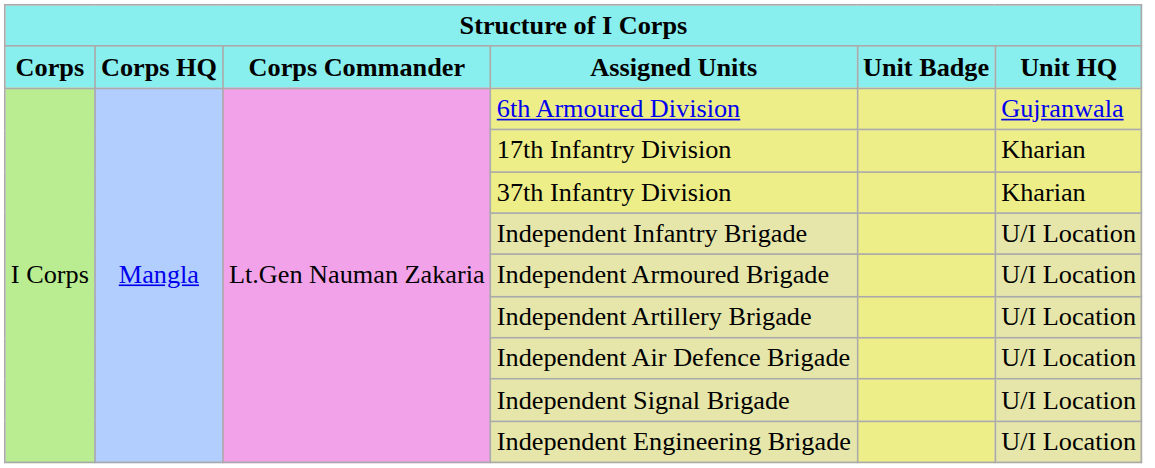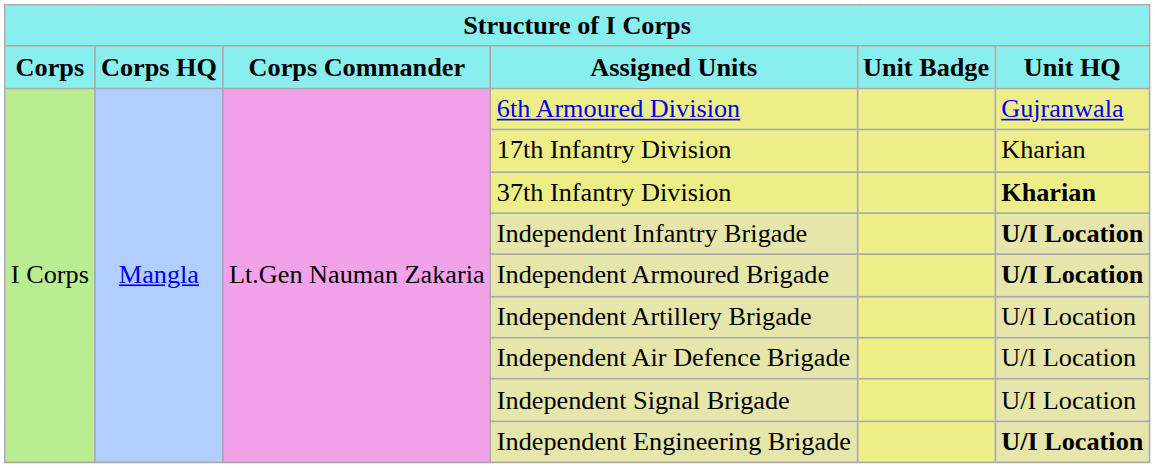 <table class="wikitable">
 <tr>
 <th colspan="10"style="background:#88EEEE;">Structure of I Corps</th>
 </tr>
 <tr>
 <th style="background:#88EEEE;">Corps</th>
 <th style="background:#88EEEE;">Corps HQ</th>
 <th style="background:#88EEEE;">Corps Commander</th>
 <th style="background:#88EEEE;">Assigned Units</th>
 <th style="background:#88EEEE;">Unit Badge</th>
 <th style="background:#88EEEE;">Unit HQ</th>
 </tr>
 <tr>
 <td rowspan="9" style="background:#baed91;text-align:center;">I Corps</td>
 <td rowspan="9" style="background:#b2cefe;text-align:center;"><a href='#'>Mangla</a></td>
 <td rowspan="9" style="background:#f2a2e8;text-align:center;">Lt.Gen Nauman Zakaria<br></td>
 <td style="background:#EEEE88;"><a href='#'>6th Armoured Division</a></td>
 <td style="background:#EEEE88;;text-align:center"></td>
 <td style="background:#EEEE88;"><a href='#'>Gujranwala</a></td>
 </tr>
 <tr>
 <td style="background:#EEEE88;">17th Infantry Division</td>
 <td style="background:#EEEE88;;text-align:center"></td>
 <td style="background:#EEEE88;">Kharian</td>
 </tr>
 <tr>
 <td style="background:#EEEE88;">37th Infantry Division</td>
 <td style="background:#EEEE88;;text-align:center"></td>
-<td style="background:#EEEE88;">Kharian</td>
+<td style="background:#EEEE88;"><strong>Kharian</strong></td>
 </tr>
 <tr>
 <td style="background:#e6e6aa;">Independent Infantry Brigade</td>
 <td style="background:#EEEE88;"></td>
-<td style="background:#e6e6aa;">U/I Location</td>
+<td style="background:#e6e6aa;"><strong>U/I Location</strong></td>
 </tr>
 <tr>
 <td style="background:#e6e6aa;">Independent Armoured Brigade</td>
 <td style="background:#EEEE88;"></td>
-<td style="background:#e6e6aa;">U/I Location</td>
+<td style="background:#e6e6aa;"><strong>U/I Location</strong></td>
 </tr>
 <tr>
 <td style="background:#e6e6aa;">Independent Artillery Brigade</td>
 <td style="background:#EEEE88;"></td>
 <td style="background:#e6e6aa;">U/I Location</td>
 </tr>
 <tr>
 <td style="background:#e6e6aa;">Independent Air Defence Brigade</td>
 <td style="background:#EEEE88;"></td>
 <td style="background:#e6e6aa;">U/I Location</td>
 </tr>
 <tr>
 <td style="background:#e6e6aa;">Independent Signal Brigade</td>
 <td style="background:#EEEE88;"></td>
 <td style="background:#e6e6aa;">U/I Location</td>
 </tr>
 <tr>
 <td style="background:#e6e6aa;">Independent Engineering Brigade</td>
 <td style="background:#EEEE88;"></td>
-<td style="background:#e6e6aa;">U/I Location</td>
+<td style="background:#e6e6aa;"><strong>U/I Location</strong></td>
 </tr>
 </table>
